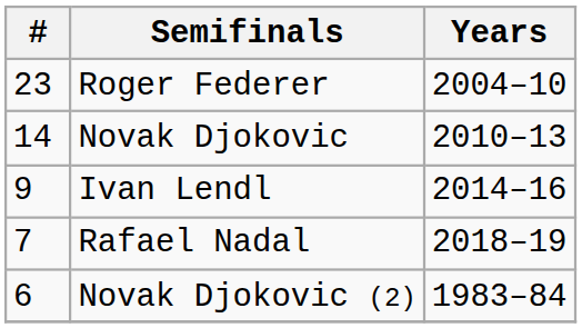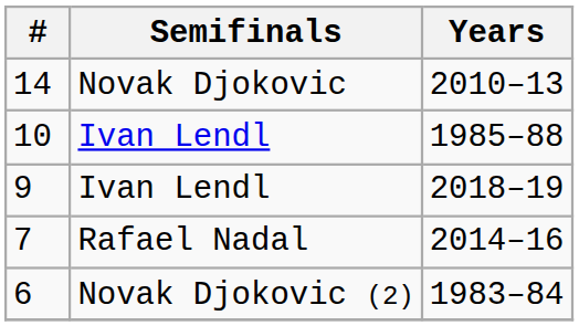 <table class="wikitable" style="display:inline-table;">
 <tr>
 <th width=20>#</th>
 <th>Semifinals</th>
 <th>Years</th>
 </tr>
 <tr>
-<td>23</td>
-<td> Roger Federer</td>
-<td>2004–10</td>
-</tr>
-<tr>
 <td>14</td>
 <td> Novak Djokovic</td>
 <td>2010–13</td>
 </tr>
 <tr>
+<td>10</td>
+<td> <a href='#'>Ivan Lendl</a></td>
+<td>1985–88</td>
+</tr>
+<tr>
 <td>9</td>
 <td> Ivan Lendl</td>
-<td>2014–16</td>
+<td>2018–19</td>
 </tr>
 <tr>
 <td>7</td>
 <td> Rafael Nadal</td>
-<td>2018–19</td>
+<td>2014–16</td>
 </tr>
 <tr>
 <td>6</td>
 <td> Novak Djokovic <small>(2)</small></td>
 <td>1983–84</td>
 </tr>
 <tr>
 </tr>
 </table>
